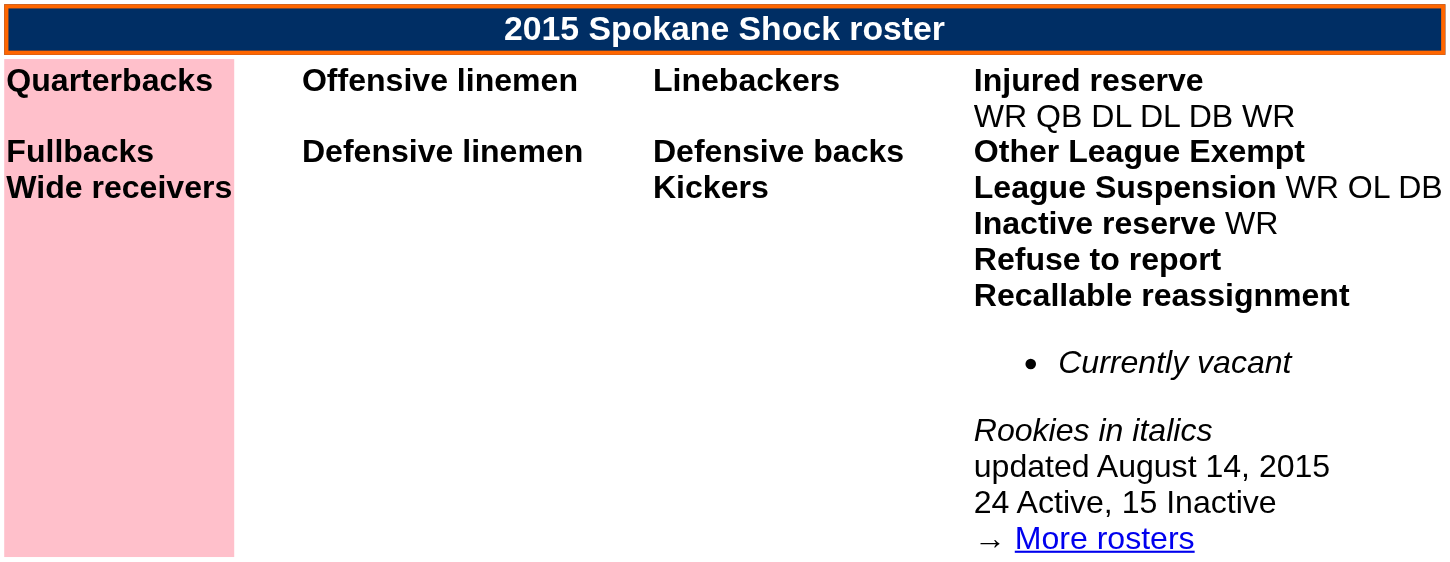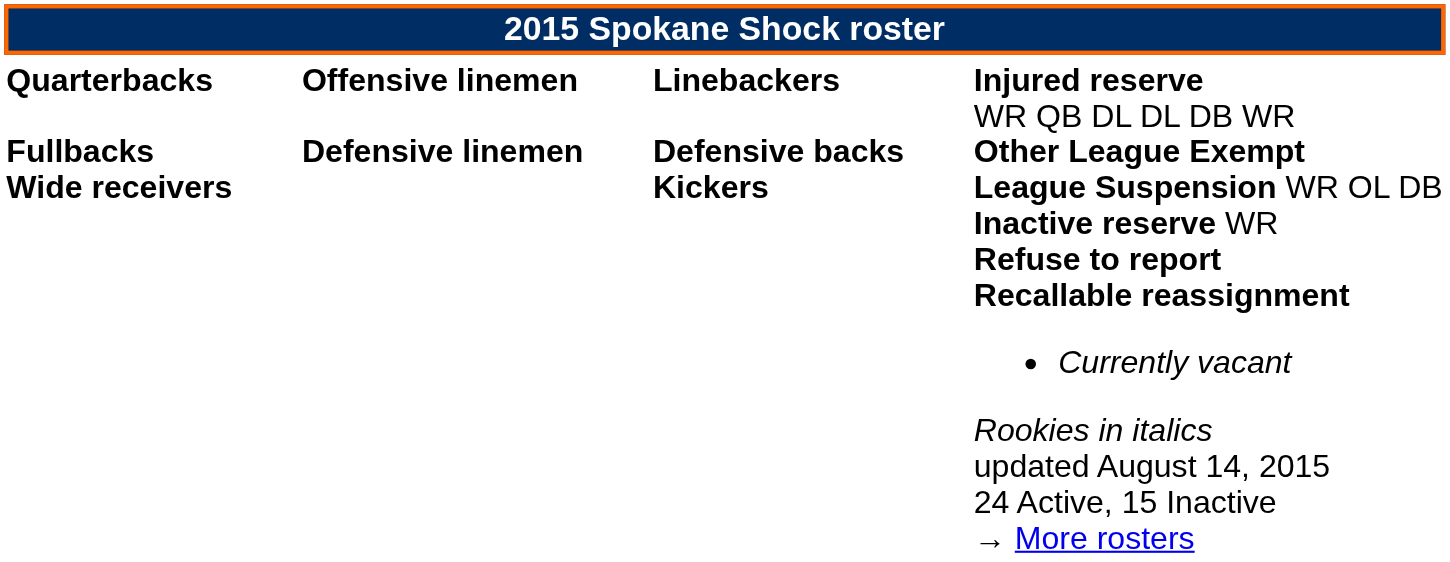 <table class="toccolours" style="text-align: left;">
 <tr>
 <th colspan=7 style="background:#002E64; border: 2px solid #FF6600; color:white; text-align:center;"><strong>2015 Spokane Shock roster</strong></th>
 </tr>
 <tr>
-<td style="background: pink; font-size: 95%;vertical-align:top;"><strong>Quarterbacks</strong><br> <br><strong>Fullbacks</strong> <br><strong>Wide receivers</strong>     </td>
+<td style="font-size: 95%;vertical-align:top;"><strong>Quarterbacks</strong><br> <br><strong>Fullbacks</strong> <br><strong>Wide receivers</strong>     </td>
 <td style="width: 25px;"></td>
 <td style="font-size: 95%;vertical-align:top;"><strong>Offensive linemen</strong><br>   <br><strong>Defensive linemen</strong>    </td>
 <td style="width: 25px;"></td>
 <td style="font-size: 95%;vertical-align:top;"><strong>Linebackers</strong><br> <br><strong>Defensive backs</strong>     <br><strong>Kickers</strong> </td>
 <td style="width: 25px;"></td>
 <td style="font-size: 95%;vertical-align:top;"><strong>Injured reserve</strong><br> WR  QB  DL  DL  DB  WR<br><strong>Other League Exempt</strong>    <br><strong>League Suspension</strong>  WR  OL  DB<br><strong>Inactive reserve</strong>  WR<br><strong>Refuse to report</strong> <br><strong>Recallable reassignment</strong><ul><li><em>Currently vacant</em></li></ul><em>Rookies in italics</em><br> <span></span> updated August 14, 2015<br> 24 Active, 15 Inactive<br>→ <a href='#'>More rosters</a></td>
 </tr>
 <tr>
 </tr>
 </table>
